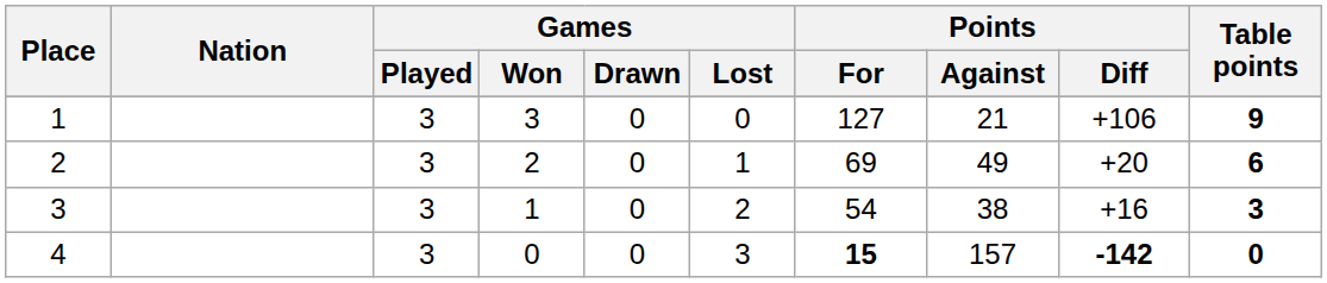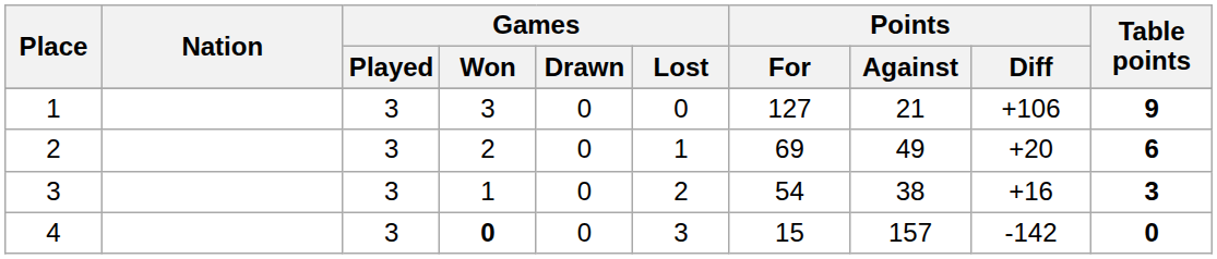 <table class="wikitable">
 <tr>
 <th rowspan=2 width="8%">Place</th>
 <th rowspan=2 width="20%">Nation</th>
 <th colspan=4 width="32%">Games</th>
 <th colspan=3 width="30%">Points</th>
 <th rowspan=2 width="10%">Table<br>points</th>
 </tr>
 <tr>
 <th width="8%">Played</th>
 <th width="8%">Won</th>
 <th width="8%">Drawn</th>
 <th width="8%">Lost</th>
 <th width="10%">For</th>
 <th width="10%">Against</th>
 <th width="10%">Diff</th>
 </tr>
 <tr>
 </tr>
 <tr bgcolor=#ffffff align=center>
 <td>1</td>
 <td align=left></td>
 <td>3</td>
 <td>3</td>
 <td>0</td>
 <td>0</td>
 <td>127</td>
 <td>21</td>
 <td>+106</td>
 <td><strong>9</strong></td>
 </tr>
 <tr bgcolor=#ffffff align=center>
 <td>2</td>
 <td align=left></td>
 <td>3</td>
 <td>2</td>
 <td>0</td>
 <td>1</td>
 <td>69</td>
 <td>49</td>
 <td>+20</td>
 <td><strong>6</strong></td>
 </tr>
 <tr bgcolor=#ffffff align=center>
 <td>3</td>
 <td align=left></td>
 <td>3</td>
 <td>1</td>
 <td>0</td>
 <td>2</td>
 <td>54</td>
 <td>38</td>
 <td>+16</td>
 <td><strong>3</strong></td>
 </tr>
 <tr bgcolor=#ffffff align=center>
 <td>4</td>
 <td align=left></td>
 <td>3</td>
-<td>0</td>
+<td><strong>0</strong></td>
 <td>0</td>
 <td>3</td>
-<td><strong>15</strong></td>
+<td>15</td>
 <td>157</td>
-<td><strong>-142</strong></td>
+<td>-142</td>
 <td><strong>0</strong></td>
 </tr>
 </table>
